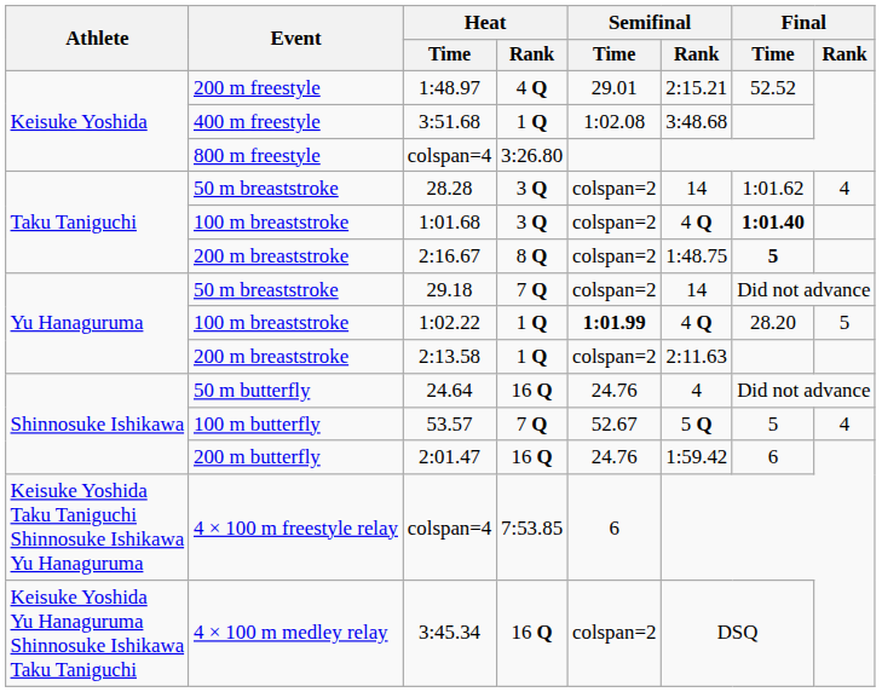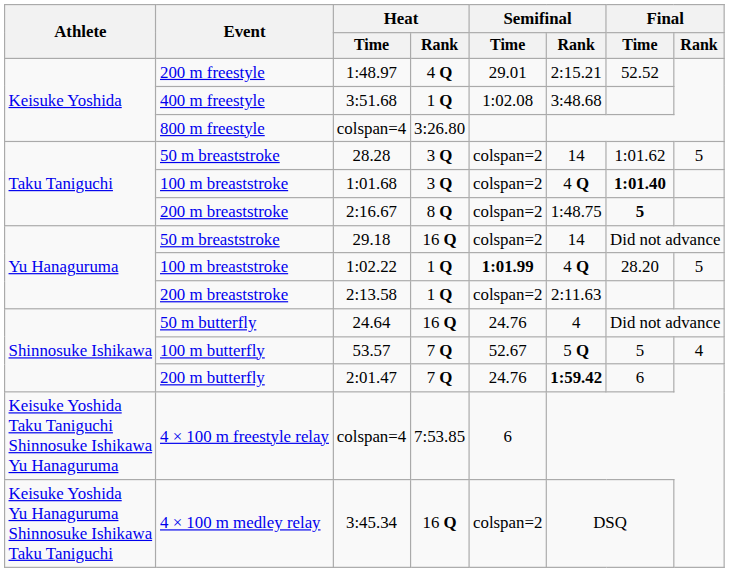 <table class=wikitable style="font-size:90%">
 <tr>
 <th rowspan="2">Athlete</th>
 <th rowspan="2">Event</th>
 <th colspan="2">Heat</th>
 <th colspan="2">Semifinal</th>
 <th colspan="2">Final</th>
 </tr>
 <tr style="font-size:95%">
 <th>Time</th>
 <th>Rank</th>
 <th>Time</th>
 <th>Rank</th>
 <th>Time</th>
 <th>Rank</th>
 </tr>
 <tr align=center>
 <td align=left rowspan=3><a href='#'>Keisuke Yoshida</a></td>
 <td align=left><a href='#'>200 m freestyle</a></td>
 <td>1:48.97</td>
 <td>4 <strong>Q</strong></td>
 <td>29.01</td>
 <td>2:15.21</td>
 <td>52.52</td>
 </tr>
 <tr align=center>
 <td align=left><a href='#'>400 m freestyle</a></td>
 <td>3:51.68</td>
 <td>1 <strong>Q</strong></td>
 <td>1:02.08</td>
 <td>3:48.68</td>
 <td></td>
 </tr>
 <tr align=center>
 <td align=left><a href='#'>800 m freestyle</a></td>
 <td>colspan=4 </td>
 <td>3:26.80</td>
 <td></td>
 </tr>
 <tr align=center>
 <td align=left rowspan=3><a href='#'>Taku Taniguchi</a></td>
 <td align=left><a href='#'>50 m breaststroke</a></td>
 <td>28.28</td>
 <td>3 <strong>Q</strong></td>
 <td>colspan=2 </td>
 <td>14</td>
 <td>1:01.62</td>
-<td>4</td>
+<td>5</td>
 </tr>
 <tr align=center>
 <td align=left><a href='#'>100 m breaststroke</a></td>
 <td>1:01.68</td>
 <td>3 <strong>Q</strong></td>
 <td>colspan=2 </td>
 <td>4 <strong>Q</strong></td>
 <td><strong>1:01.40</strong></td>
 <td></td>
 </tr>
 <tr align=center>
 <td align=left><a href='#'>200 m breaststroke</a></td>
 <td>2:16.67</td>
 <td>8 <strong>Q</strong></td>
 <td>colspan=2 </td>
 <td>1:48.75</td>
 <td><strong>5</strong></td>
 </tr>
 <tr align=center>
 <td align=left rowspan=3><a href='#'>Yu Hanaguruma</a></td>
 <td align=left><a href='#'>50 m breaststroke</a></td>
 <td>29.18</td>
-<td>7 <strong>Q</strong></td>
+<td>16 <strong>Q</strong></td>
 <td>colspan=2 </td>
 <td>14</td>
 <td colspan="2" align=center>Did not advance</td>
 </tr>
 <tr align=center>
 <td align=left><a href='#'>100 m breaststroke</a></td>
 <td>1:02.22</td>
 <td>1 <strong>Q</strong></td>
 <td><strong>1:01.99</strong></td>
 <td>4 <strong>Q</strong></td>
 <td>28.20</td>
 <td>5</td>
 </tr>
 <tr align=center>
 <td align=left><a href='#'>200 m breaststroke</a></td>
 <td>2:13.58</td>
 <td>1 <strong>Q</strong></td>
 <td>colspan=2 </td>
 <td>2:11.63</td>
 <td></td>
 </tr>
 <tr align=center>
 <td align=left rowspan=3><a href='#'>Shinnosuke Ishikawa</a></td>
 <td align=left><a href='#'>50 m butterfly</a></td>
 <td>24.64</td>
 <td>16 <strong>Q</strong></td>
 <td>24.76</td>
 <td>4</td>
 <td colspan="2" align=center>Did not advance</td>
 </tr>
 <tr align=center>
 <td align=left><a href='#'>100 m butterfly</a></td>
 <td>53.57</td>
 <td>7 <strong>Q</strong></td>
 <td>52.67</td>
 <td>5 <strong>Q</strong></td>
 <td>5</td>
 <td>4</td>
 </tr>
 <tr align=center>
 <td align=left><a href='#'>200 m butterfly</a></td>
 <td>2:01.47</td>
-<td>16 <strong>Q</strong></td>
+<td>7 <strong>Q</strong></td>
 <td>24.76</td>
-<td>1:59.42</td>
+<td><strong>1:59.42</strong></td>
 <td>6</td>
 </tr>
 <tr align=center>
 <td align=left><a href='#'>Keisuke Yoshida</a><br><a href='#'>Taku Taniguchi</a><br><a href='#'>Shinnosuke Ishikawa</a><br><a href='#'>Yu Hanaguruma</a></td>
 <td align=left><a href='#'>4 × 100 m freestyle relay</a></td>
 <td>colspan=4 </td>
 <td>7:53.85</td>
 <td>6</td>
 </tr>
 <tr align=center>
 <td align=left><a href='#'>Keisuke Yoshida</a><br><a href='#'>Yu Hanaguruma</a><br><a href='#'>Shinnosuke Ishikawa</a><br><a href='#'>Taku Taniguchi</a></td>
 <td align=left><a href='#'>4 × 100 m medley relay</a></td>
 <td>3:45.34</td>
 <td>16 <strong>Q</strong></td>
 <td>colspan=2 </td>
 <td colspan=2>DSQ</td>
 </tr>
 </table>
